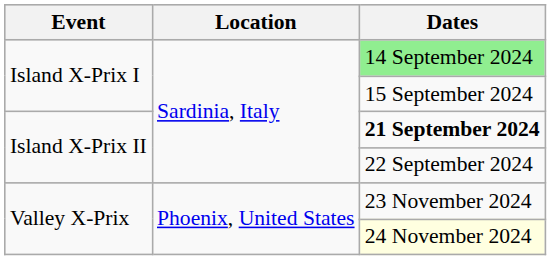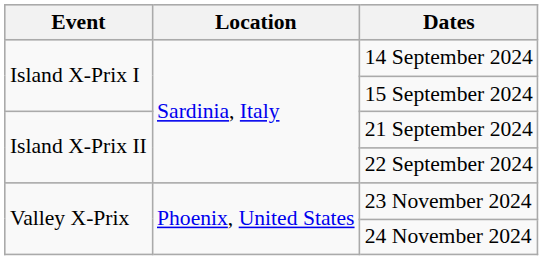 <table class="wikitable"  style="font-size: 85%">
 <tr>
 <th>Event</th>
 <th>Location</th>
 <th>Dates</th>
 </tr>
 <tr>
 <td rowspan="2">Island X-Prix I</td>
 <td rowspan="4"> <a href='#'>Sardinia</a>, <a href='#'>Italy</a></td>
-<td style="background: lightgreen;">14 September 2024</td>
+<td>14 September 2024</td>
 </tr>
 <tr>
 <td>15 September 2024</td>
 </tr>
 <tr>
 <td rowspan="2">Island X-Prix II</td>
-<td><strong>21 September 2024</strong></td>
+<td>21 September 2024</td>
 </tr>
 <tr>
 <td>22 September 2024</td>
 </tr>
 <tr>
 <td rowspan="2">Valley X-Prix</td>
 <td rowspan="2"> <a href='#'>Phoenix</a>, <a href='#'>United States</a></td>
 <td>23 November 2024</td>
 </tr>
 <tr>
-<td style="background: lightyellow;">24 November 2024</td>
+<td>24 November 2024</td>
 </tr>
 </table>
